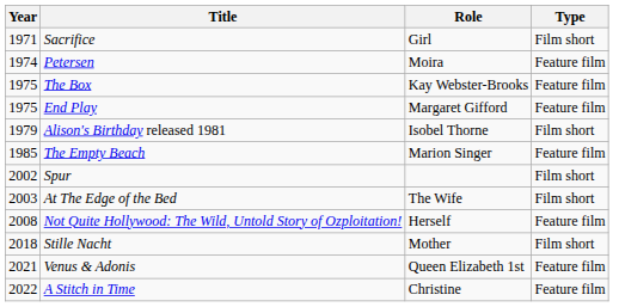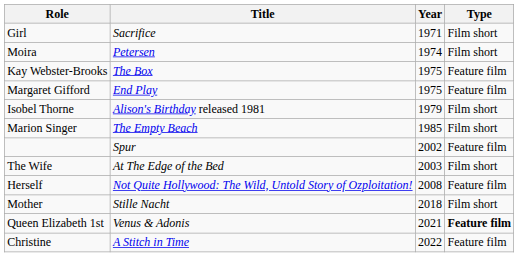 <table class="wikitable">
 <tr>
+<th>Role</th>
+<th>Title</th>
 <th>Year</th>
-<th>Title</th>
-<th>Role</th>
 <th>Type</th>
 </tr>
 <tr>
+<td>Girl</td>
+<td><em>Sacrifice</em></td>
 <td>1971</td>
-<td><em>Sacrifice</em></td>
-<td>Girl</td>
 <td>Film short</td>
 </tr>
 <tr>
+<td>Moira</td>
+<td><em><a href='#'>Petersen</a></em></td>
 <td>1974</td>
-<td><em><a href='#'>Petersen</a></em></td>
-<td>Moira</td>
+<td>Film short</td>
+</tr>
+<tr>
+<td>Kay Webster-Brooks</td>
+<td><em><a href='#'>The Box</a></em></td>
+<td>1975</td>
 <td>Feature film</td>
 </tr>
 <tr>
+<td>Margaret Gifford</td>
+<td><em><a href='#'>End Play</a></em></td>
 <td>1975</td>
-<td><em><a href='#'>The Box</a></em></td>
-<td>Kay Webster-Brooks</td>
 <td>Feature film</td>
 </tr>
 <tr>
-<td>1975</td>
-<td><em><a href='#'>End Play</a></em></td>
-<td>Margaret Gifford</td>
+<td>Isobel Thorne</td>
+<td><em><a href='#'>Alison's Birthday</a></em> released 1981</td>
+<td>1979</td>
+<td>Film short</td>
+</tr>
+<tr>
+<td>Marion Singer</td>
+<td><em><a href='#'>The Empty Beach</a></em></td>
+<td>1985</td>
+<td>Film short</td>
+</tr>
+<tr>
+<td></td>
+<td><em>Spur</em></td>
+<td>2002</td>
 <td>Feature film</td>
 </tr>
 <tr>
-<td>1979</td>
-<td><em><a href='#'>Alison's Birthday</a></em> released 1981</td>
-<td>Isobel Thorne</td>
+<td>The Wife</td>
+<td><em>At The Edge of the Bed</em></td>
+<td>2003</td>
 <td>Film short</td>
 </tr>
 <tr>
-<td>1985</td>
-<td><em><a href='#'>The Empty Beach</a></em></td>
-<td>Marion Singer</td>
+<td>Herself</td>
+<td><em><a href='#'>Not Quite Hollywood: The Wild, Untold Story of Ozploitation!</a></em></td>
+<td>2008</td>
 <td>Feature film</td>
 </tr>
 <tr>
-<td>2002</td>
-<td><em>Spur</em></td>
-<td></td>
+<td>Mother</td>
+<td><em>Stille Nacht</em></td>
+<td>2018</td>
 <td>Film short</td>
 </tr>
 <tr>
-<td>2003</td>
-<td><em>At The Edge of the Bed</em></td>
-<td>The Wife</td>
-<td>Film short</td>
+<td>Queen Elizabeth 1st</td>
+<td><em>Venus & Adonis</em></td>
+<td>2021</td>
+<td><strong>Feature film</strong></td>
 </tr>
 <tr>
-<td>2008</td>
-<td><em><a href='#'>Not Quite Hollywood: The Wild, Untold Story of Ozploitation!</a></em></td>
-<td>Herself</td>
-<td>Feature film</td>
-</tr>
-<tr>
-<td>2018</td>
-<td><em>Stille Nacht</em></td>
-<td>Mother</td>
-<td>Film short</td>
-</tr>
-<tr>
-<td>2021</td>
-<td><em>Venus & Adonis</em></td>
-<td>Queen Elizabeth 1st</td>
-<td>Feature film</td>
-</tr>
-<tr>
+<td>Christine</td>
+<td><em><a href='#'>A Stitch in Time</a></em></td>
 <td>2022</td>
-<td><em><a href='#'>A Stitch in Time</a></em></td>
-<td>Christine</td>
 <td>Feature film</td>
 </tr>
 </table>
